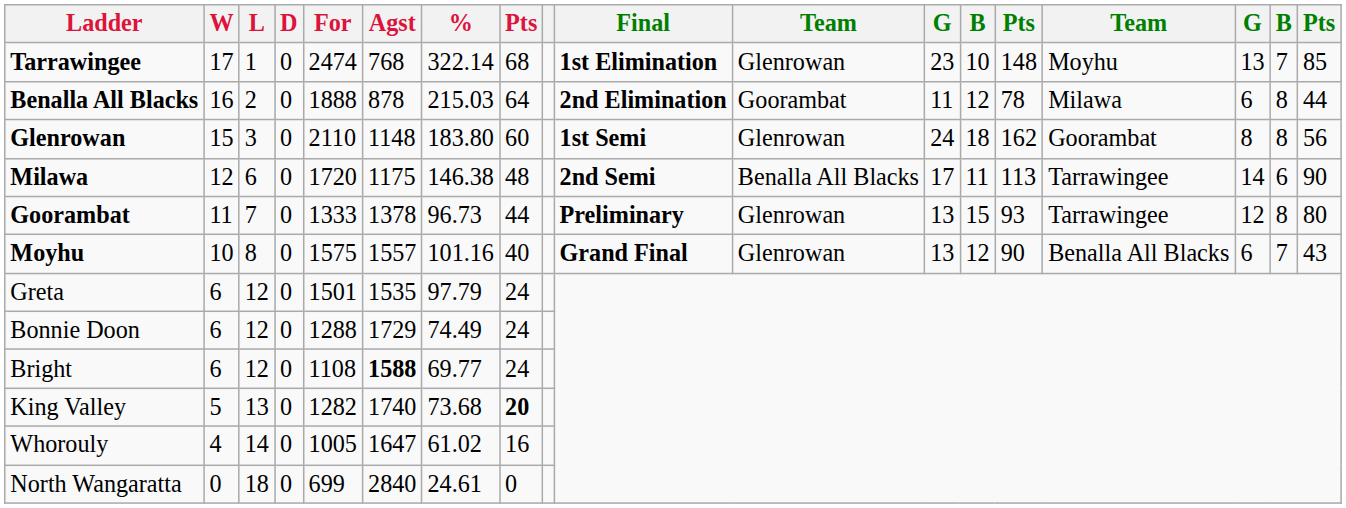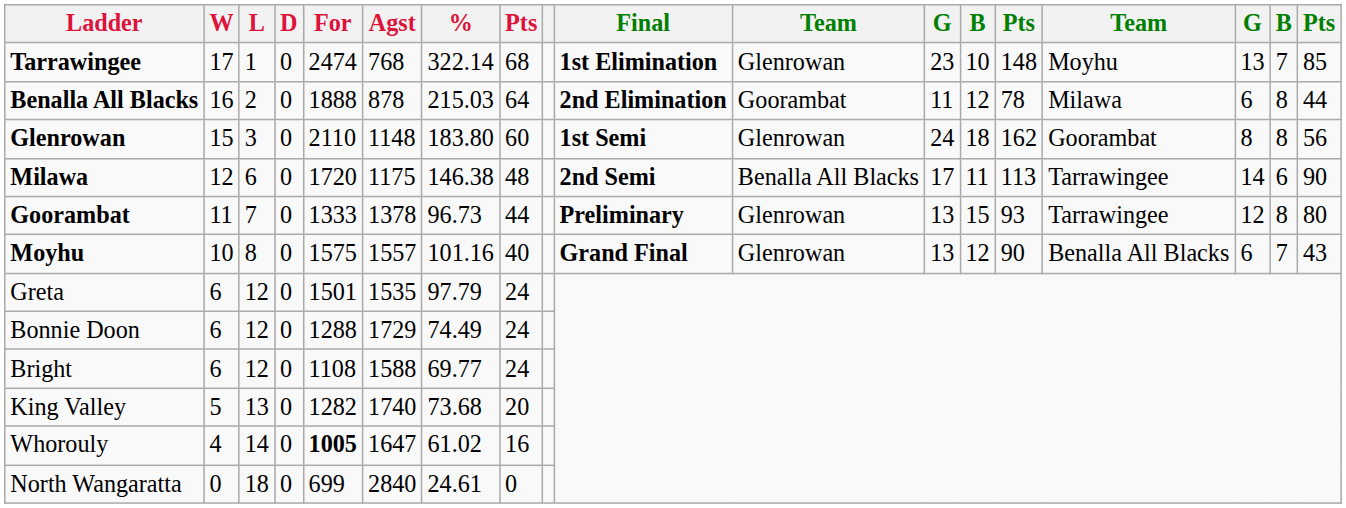 <table class="wikitable">
 <tr>
 <th style="color:crimson">Ladder</th>
 <th style="color:crimson">W</th>
 <th style="color:crimson">L</th>
 <th style="color:crimson">D</th>
 <th style="color:crimson">For</th>
 <th style="color:crimson">Agst</th>
 <th style="color:crimson">%</th>
 <th style="color:crimson">Pts</th>
 <th></th>
 <th style="color:green">Final</th>
 <th style="color:green">Team</th>
 <th style="color:green">G</th>
 <th style="color:green">B</th>
 <th style="color:green">Pts</th>
 <th style="color:green">Team</th>
 <th style="color:green">G</th>
 <th style="color:green">B</th>
 <th style="color:green">Pts</th>
 </tr>
 <tr>
 <td><strong>Tarrawingee</strong></td>
 <td>17</td>
 <td>1</td>
 <td>0</td>
 <td>2474</td>
 <td>768</td>
 <td>322.14</td>
 <td>68</td>
 <td></td>
 <td><strong>1st Elimination</strong></td>
 <td>Glenrowan</td>
 <td>23</td>
 <td>10</td>
 <td>148</td>
 <td>Moyhu</td>
 <td>13</td>
 <td>7</td>
 <td>85</td>
 </tr>
 <tr>
 <td><strong>Benalla All Blacks</strong></td>
 <td>16</td>
 <td>2</td>
 <td>0</td>
 <td>1888</td>
 <td>878</td>
 <td>215.03</td>
 <td>64</td>
 <td></td>
 <td><strong>2nd Elimination</strong></td>
 <td>Goorambat</td>
 <td>11</td>
 <td>12</td>
 <td>78</td>
 <td>Milawa</td>
 <td>6</td>
 <td>8</td>
 <td>44</td>
 </tr>
 <tr>
 <td><strong>Glenrowan</strong></td>
 <td>15</td>
 <td>3</td>
 <td>0</td>
 <td>2110</td>
 <td>1148</td>
 <td>183.80</td>
 <td>60</td>
 <td></td>
 <td><strong>1st Semi</strong></td>
 <td>Glenrowan</td>
 <td>24</td>
 <td>18</td>
 <td>162</td>
 <td>Goorambat</td>
 <td>8</td>
 <td>8</td>
 <td>56</td>
 </tr>
 <tr>
 <td><strong>Milawa</strong></td>
 <td>12</td>
 <td>6</td>
 <td>0</td>
 <td>1720</td>
 <td>1175</td>
 <td>146.38</td>
 <td>48</td>
 <td></td>
 <td><strong>2nd Semi</strong></td>
 <td>Benalla All Blacks</td>
 <td>17</td>
 <td>11</td>
 <td>113</td>
 <td>Tarrawingee</td>
 <td>14</td>
 <td>6</td>
 <td>90</td>
 </tr>
 <tr>
 <td><strong>Goorambat</strong></td>
 <td>11</td>
 <td>7</td>
 <td>0</td>
 <td>1333</td>
 <td>1378</td>
 <td>96.73</td>
 <td>44</td>
 <td></td>
 <td><strong>Preliminary</strong></td>
 <td>Glenrowan</td>
 <td>13</td>
 <td>15</td>
 <td>93</td>
 <td>Tarrawingee</td>
 <td>12</td>
 <td>8</td>
 <td>80</td>
 </tr>
 <tr>
 <td><strong>Moyhu</strong></td>
 <td>10</td>
 <td>8</td>
 <td>0</td>
 <td>1575</td>
 <td>1557</td>
 <td>101.16</td>
 <td>40</td>
 <td></td>
 <td><strong>Grand Final</strong></td>
 <td>Glenrowan</td>
 <td>13</td>
 <td>12</td>
 <td>90</td>
 <td>Benalla All Blacks</td>
 <td>6</td>
 <td>7</td>
 <td>43</td>
 </tr>
 <tr>
 <td>Greta</td>
 <td>6</td>
 <td>12</td>
 <td>0</td>
 <td>1501</td>
 <td>1535</td>
 <td>97.79</td>
 <td>24</td>
 <td></td>
 </tr>
 <tr>
 <td>Bonnie Doon</td>
 <td>6</td>
 <td>12</td>
 <td>0</td>
 <td>1288</td>
 <td>1729</td>
 <td>74.49</td>
 <td>24</td>
 <td></td>
 </tr>
 <tr>
 <td>Bright</td>
 <td>6</td>
 <td>12</td>
 <td>0</td>
 <td>1108</td>
-<td><strong>1588</strong></td>
+<td>1588</td>
 <td>69.77</td>
 <td>24</td>
 <td></td>
 </tr>
 <tr>
 <td>King Valley</td>
 <td>5</td>
 <td>13</td>
 <td>0</td>
 <td>1282</td>
 <td>1740</td>
 <td>73.68</td>
-<td><strong>20</strong></td>
+<td>20</td>
 <td></td>
 </tr>
 <tr>
 <td>Whorouly</td>
 <td>4</td>
 <td>14</td>
 <td>0</td>
-<td>1005</td>
+<td><strong>1005</strong></td>
 <td>1647</td>
 <td>61.02</td>
 <td>16</td>
 <td></td>
 </tr>
 <tr>
 <td>North Wangaratta</td>
 <td>0</td>
 <td>18</td>
 <td>0</td>
 <td>699</td>
 <td>2840</td>
 <td>24.61</td>
 <td>0</td>
 <td></td>
 </tr>
 </table>
